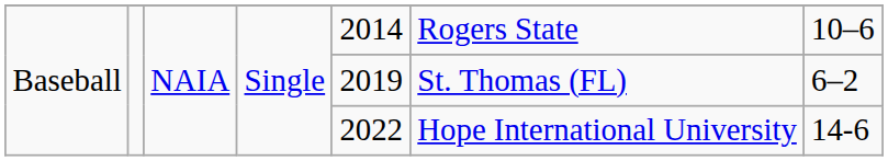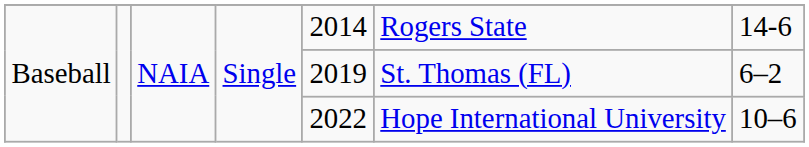 <table class="wikitable" style="text-align: ">
 <tr>
 </tr>
 <tr>
 <td rowspan="3">Baseball</td>
 <td rowspan=3></td>
 <td rowspan="3"><a href='#'>NAIA</a></td>
 <td rowspan="3"><a href='#'>Single</a></td>
 <td>2014</td>
 <td><a href='#'>Rogers State</a></td>
-<td>10–6</td>
+<td>14-6</td>
 </tr>
 <tr>
 <td>2019</td>
 <td><a href='#'>St. Thomas (FL)</a></td>
 <td>6–2</td>
 </tr>
 <tr>
 <td>2022</td>
 <td><a href='#'>Hope International University</a></td>
-<td>14-6</td>
+<td>10–6</td>
 </tr>
 </table>
